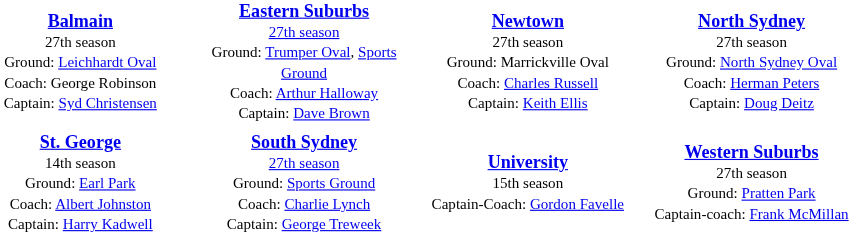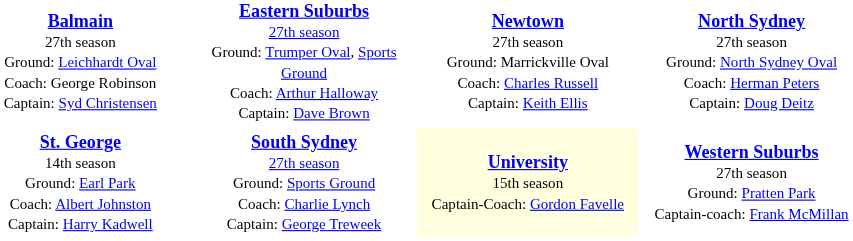 <table align="center" class="toccolours" style="text-valign: center;" cellpadding=3 cellspacing=2>
 <tr>
 <th width=190></th>
 <th width=190></th>
 <th width=190></th>
 <th width=190></th>
 </tr>
 <tr>
 <td align="center"><strong><a href='#'>Balmain</a></strong><br><small>27th season<br>Ground: <a href='#'>Leichhardt Oval</a><br> Coach: George Robinson<br>Captain: <a href='#'>Syd Christensen</a></small></td>
 <td align="center"><strong><a href='#'>Eastern Suburbs</a></strong><br><small><a href='#'>27th season</a><br>Ground: <a href='#'>Trumper Oval</a>, <a href='#'>Sports Ground</a><br> Coach: <a href='#'>Arthur Halloway</a><br>Captain: <a href='#'>Dave Brown</a></small></td>
 <td align="center"><strong><a href='#'>Newtown</a></strong><br><small>27th season<br>Ground: Marrickville Oval<br> Coach: <a href='#'>Charles Russell</a> <br>Captain: <a href='#'>Keith Ellis</a></small></td>
 <td align="center"><strong><a href='#'>North Sydney</a></strong><br><small>27th season<br>Ground: <a href='#'>North Sydney Oval</a><br> Coach: <a href='#'>Herman Peters</a> <br>Captain: <a href='#'>Doug Deitz</a> </small></td>
 </tr>
 <tr>
 <td align="center"><strong><a href='#'>St. George</a></strong><br><small>14th season<br>Ground: <a href='#'>Earl Park</a><br> Coach: <a href='#'>Albert Johnston</a><br>Captain: <a href='#'>Harry Kadwell</a></small></td>
 <td align="center"><strong><a href='#'>South Sydney</a></strong><br><small><a href='#'>27th season</a><br>Ground: <a href='#'>Sports Ground</a><br> Coach: <a href='#'>Charlie Lynch</a><br>Captain: <a href='#'>George Treweek</a></small></td>
-<td align="center"><strong><a href='#'>University</a></strong><br><small>15th season<br> Captain-Coach: <a href='#'>Gordon Favelle</a></small></td>
+<td align="center" style="background: lightyellow;"><strong><a href='#'>University</a></strong><br><small>15th season<br> Captain-Coach: <a href='#'>Gordon Favelle</a></small></td>
 <td align="center"><strong><a href='#'>Western Suburbs</a></strong><br><small>27th season<br>Ground: <a href='#'>Pratten Park</a><br> Captain-coach: <a href='#'>Frank McMillan</a></small></td>
 </tr>
 </table>
